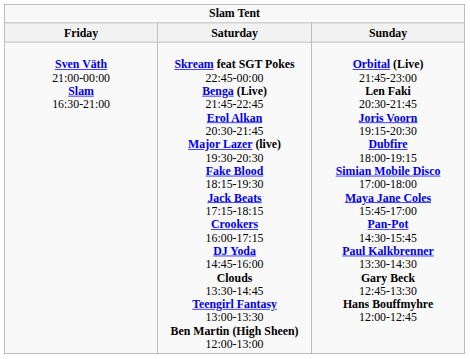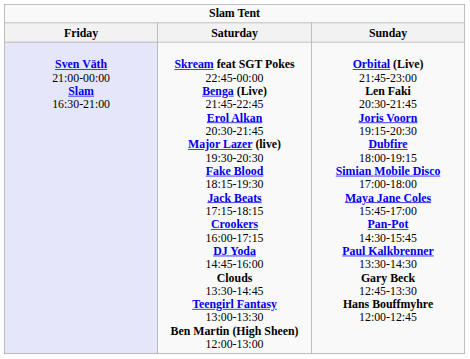 <table class="wikitable">
 <tr>
 <td colspan="3" style="text-align:center;"><strong>Slam Tent</strong></td>
 </tr>
 <tr>
 <th>Friday</th>
 <th>Saturday</th>
 <th>Sunday</th>
 </tr>
 <tr>
-<td style="text-align:center; vertical-align:top; width:200px;"><br><strong><a href='#'>Sven Väth</a></strong> <br> 21:00-00:00 <br> <strong><a href='#'>Slam</a></strong> <br> 16:30-21:00</td>
+<td style="background: lavender; text-align:center; vertical-align:top; width:200px;"><br><strong><a href='#'>Sven Väth</a></strong> <br> 21:00-00:00 <br> <strong><a href='#'>Slam</a></strong> <br> 16:30-21:00</td>
 <td style="text-align:center; vertical-align:top; width:200px;"><br><strong><a href='#'>Skream</a> feat SGT Pokes</strong> <br> 22:45-00:00 <br> <strong><a href='#'>Benga</a> (Live)</strong> <br> 21:45-22:45 <br> <strong><a href='#'>Erol Alkan</a></strong> <br> 20:30-21:45 <br> <strong><a href='#'>Major Lazer</a> (live)</strong> <br> 19:30-20:30 <br> <strong><a href='#'>Fake Blood</a></strong> <br> 18:15-19:30 <br> <strong><a href='#'>Jack Beats</a></strong> <br> 17:15-18:15 <br> <strong><a href='#'>Crookers</a></strong> <br> 16:00-17:15 <br> <strong><a href='#'>DJ Yoda</a></strong> <br> 14:45-16:00 <br> <strong>Clouds</strong> <br> 13:30-14:45 <br> <strong><a href='#'>Teengirl Fantasy</a></strong> <br> 13:00-13:30 <br> <strong>Ben Martin (High Sheen)</strong> <br> 12:00-13:00</td>
 <td style="text-align:center; vertical-align:top; width:200px;"><br><strong><a href='#'>Orbital</a> (Live)</strong> <br> 21:45-23:00 <br> <strong>Len Faki</strong> <br> 20:30-21:45 <br> <strong><a href='#'>Joris Voorn</a></strong> <br> 19:15-20:30 <br> <strong><a href='#'>Dubfire</a></strong> <br> 18:00-19:15 <br> <strong><a href='#'>Simian Mobile Disco</a></strong> <br> 17:00-18:00 <br> <strong><a href='#'>Maya Jane Coles</a></strong> <br> 15:45-17:00 <br> <strong><a href='#'>Pan-Pot</a></strong> <br> 14:30-15:45 <br> <strong><a href='#'>Paul Kalkbrenner</a></strong> <br> 13:30-14:30 <br> <strong>Gary Beck</strong> <br> 12:45-13:30 <br> <strong>Hans Bouffmyhre</strong> <br> 12:00-12:45</td>
 </tr>
 </table>
